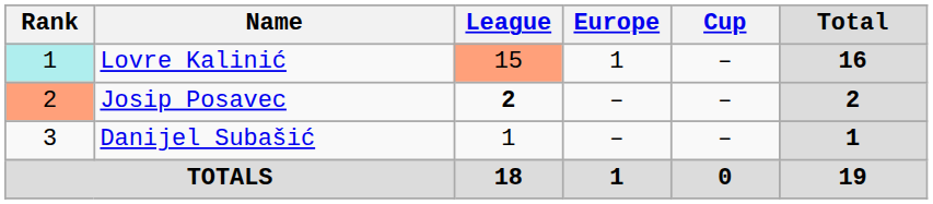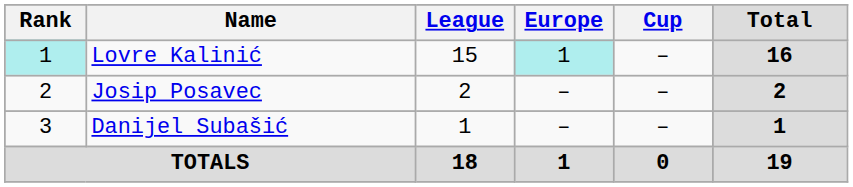 <table class="wikitable" style="font-size: 95%; text-align: center;">
 <tr>
 <th width=40>Rank</th>
 <th width=180>Name</th>
 <th width=50><a href='#'>League</a></th>
 <th width=50><a href='#'>Europe</a></th>
 <th width=50><a href='#'>Cup</a></th>
 <th width=70 style="background: #DCDCDC">Total</th>
 </tr>
 <tr>
 <td rowspan=1 style="background: paleturquoise;">1</td>
 <td style="text-align:left;"> <a href='#'>Lovre Kalinić</a></td>
-<td style="background: lightsalmon;">15</td>
-<td>1</td>
+<td>15</td>
+<td style="background: paleturquoise;">1</td>
 <td>–</td>
 <th style="background: #DCDCDC">16</th>
 </tr>
 <tr>
-<td rowspan=1 style="background: lightsalmon;">2</td>
+<td rowspan=1>2</td>
 <td style="text-align:left;"> <a href='#'>Josip Posavec</a></td>
-<td><strong>2</strong></td>
+<td>2</td>
 <td>–</td>
 <td>–</td>
 <th style="background: #DCDCDC">2</th>
 </tr>
 <tr>
 <td rowspan=1>3</td>
 <td style="text-align:left;"> <a href='#'>Danijel Subašić</a></td>
 <td>1</td>
 <td>–</td>
 <td>–</td>
 <th style="background: #DCDCDC">1</th>
 </tr>
 <tr>
 <th colspan="2" align="center" style="background: #DCDCDC">TOTALS</th>
 <th style="background: #DCDCDC">18</th>
 <th style="background: #DCDCDC">1</th>
 <th style="background: #DCDCDC">0</th>
 <th style="background: #DCDCDC">19</th>
 </tr>
 </table>
